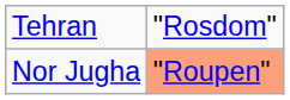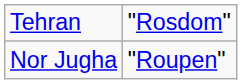 <table class="wikitable">
 <tr>
 <td><a href='#'>Tehran</a></td>
 <td>"<a href='#'>Rosdom</a>"</td>
 </tr>
 <tr>
 <td><a href='#'>Nor Jugha</a></td>
-<td style="background: lightsalmon;">"<a href='#'>Roupen</a>"</td>
+<td>"<a href='#'>Roupen</a>"</td>
 </tr>
 </table>
